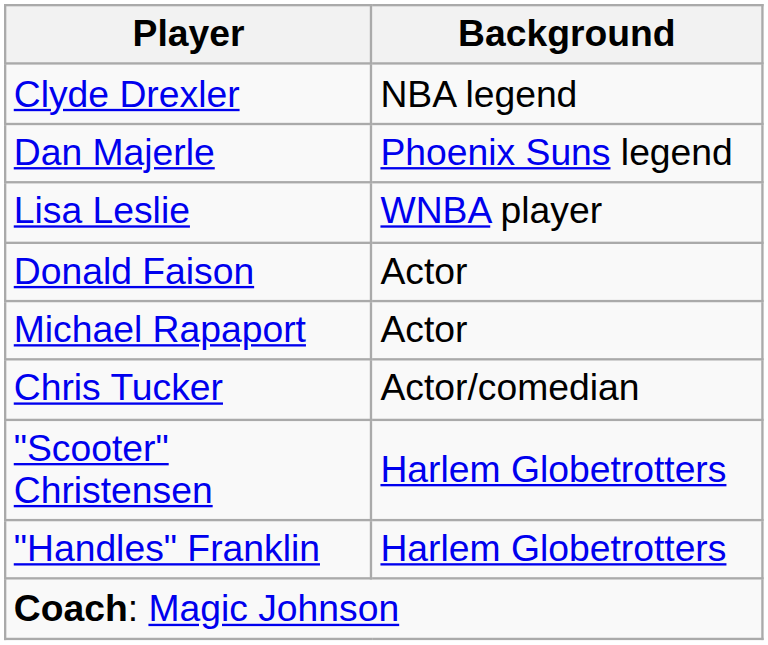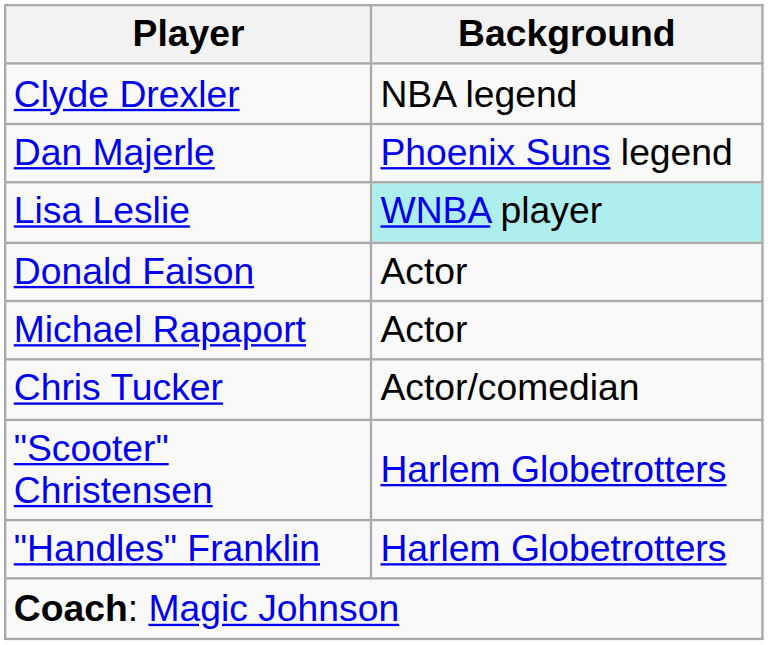 <table class="wikitable">
 <tr>
 <th width=150>Player</th>
 <th width=160>Background</th>
 </tr>
 <tr>
 <td><a href='#'>Clyde Drexler</a></td>
 <td>NBA legend</td>
 </tr>
 <tr>
 <td><a href='#'>Dan Majerle</a></td>
 <td><a href='#'>Phoenix Suns</a> legend</td>
 </tr>
 <tr>
 <td><a href='#'>Lisa Leslie</a></td>
-<td><a href='#'>WNBA</a> player</td>
+<td style="background: paleturquoise;"><a href='#'>WNBA</a> player</td>
 </tr>
 <tr>
 <td><a href='#'>Donald Faison</a></td>
 <td>Actor</td>
 </tr>
 <tr>
 <td><a href='#'>Michael Rapaport</a></td>
 <td>Actor</td>
 </tr>
 <tr>
 <td><a href='#'>Chris Tucker</a></td>
 <td>Actor/comedian</td>
 </tr>
 <tr>
 <td><a href='#'>"Scooter" Christensen</a></td>
 <td><a href='#'>Harlem Globetrotters</a></td>
 </tr>
 <tr>
 <td><a href='#'>"Handles" Franklin</a></td>
 <td><a href='#'>Harlem Globetrotters</a></td>
 </tr>
 <tr>
 <td colspan="3"><strong>Coach</strong>: <a href='#'>Magic Johnson</a></td>
 </tr>
 </table>
